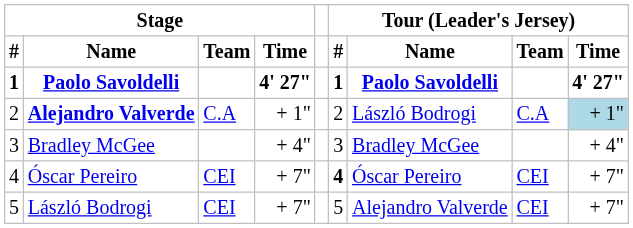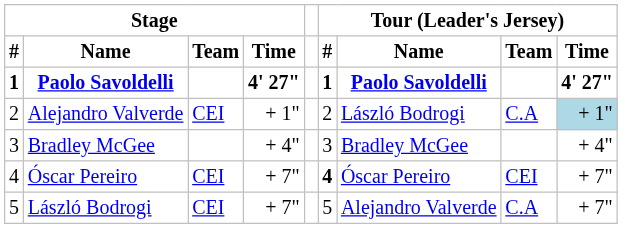 <table style="border-collapse: collapse; border-color: #c0c0c0;" border="1" cellpadding="3">
 <tr>
 <th colspan="4">Stage</th>
 <th></th>
 <th colspan="4">Tour (Leader's Jersey)</th>
 </tr>
 <tr ->
 <th>#</th>
 <th>Name</th>
 <th>Team</th>
 <th>Time</th>
 <th> </th>
 <th>#</th>
 <th>Name</th>
 <th>Team</th>
 <th>Time</th>
 </tr>
 <tr ->
 <th>1</th>
 <th><a href='#'>Paolo Savoldelli</a> </th>
 <th></th>
 <th align="right">4' 27"</th>
 <th></th>
 <th>1</th>
 <th><a href='#'>Paolo Savoldelli</a> </th>
 <th></th>
 <th align="right">4' 27"</th>
 </tr>
 <tr ->
 <td>2</td>
-<td><strong><a href='#'>Alejandro Valverde</a> </strong></td>
-<td><a href='#'>C.A</a></td>
+<td><a href='#'>Alejandro Valverde</a> </td>
+<td><a href='#'>CEI</a></td>
 <td align="right">+ 1"</td>
 <td></td>
 <td>2</td>
 <td><a href='#'>László Bodrogi</a> </td>
 <td><a href='#'>C.A</a></td>
 <td align="right" style="background: lightblue;">+ 1"</td>
 </tr>
 <tr ->
 <td>3</td>
 <td><a href='#'>Bradley McGee</a> </td>
 <td></td>
 <td align="right">+ 4"</td>
 <td></td>
 <td>3</td>
 <td><a href='#'>Bradley McGee</a> </td>
 <td></td>
 <td align="right">+ 4"</td>
 </tr>
 <tr ->
 <td>4</td>
 <td><a href='#'>Óscar Pereiro</a> </td>
 <td><a href='#'>CEI</a></td>
 <td align="right">+ 7"</td>
 <td></td>
 <td><strong>4</strong></td>
 <td><a href='#'>Óscar Pereiro</a> </td>
 <td><a href='#'>CEI</a></td>
 <td align="right">+ 7"</td>
 </tr>
 <tr ->
 <td>5</td>
 <td><a href='#'>László Bodrogi</a> </td>
 <td><a href='#'>CEI</a></td>
 <td align="right">+ 7"</td>
 <td></td>
 <td>5</td>
 <td><a href='#'>Alejandro Valverde</a> </td>
-<td><a href='#'>CEI</a></td>
+<td><a href='#'>C.A</a></td>
 <td align="right">+ 7"</td>
 </tr>
 </table>
